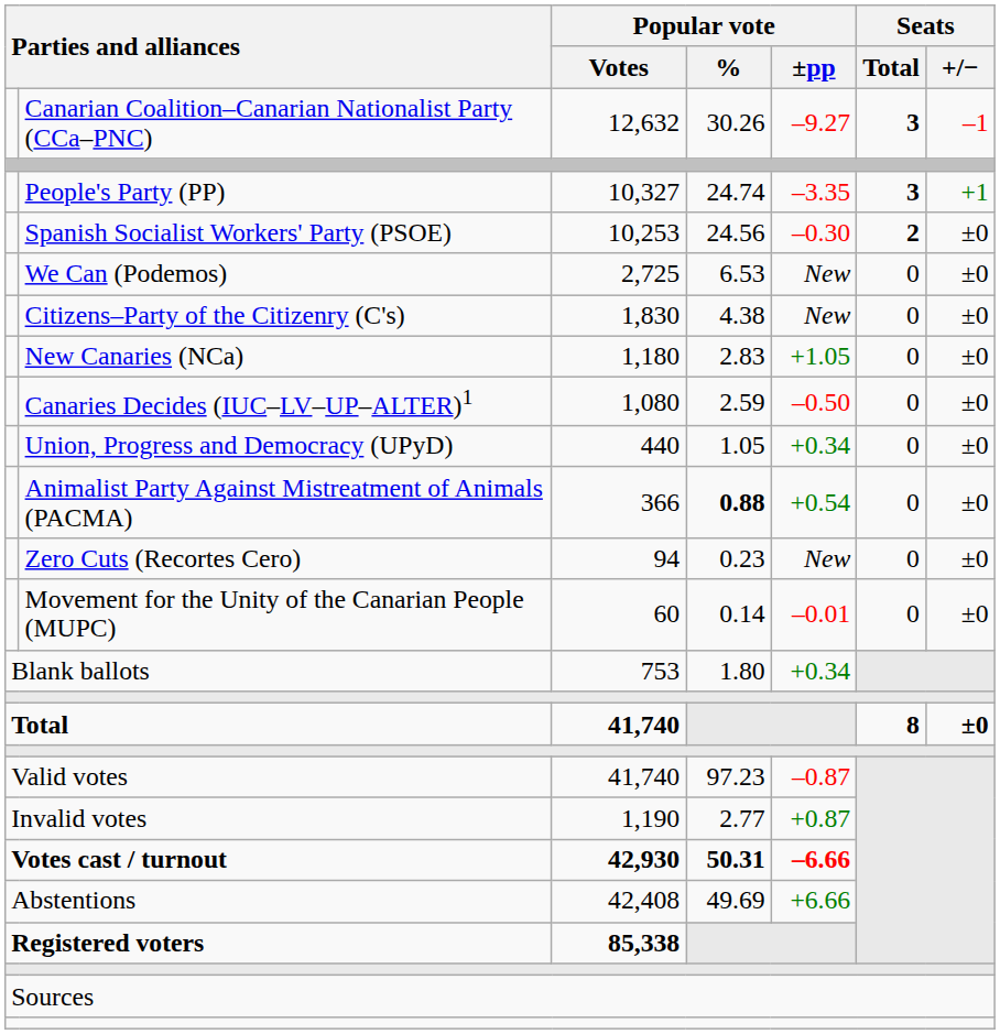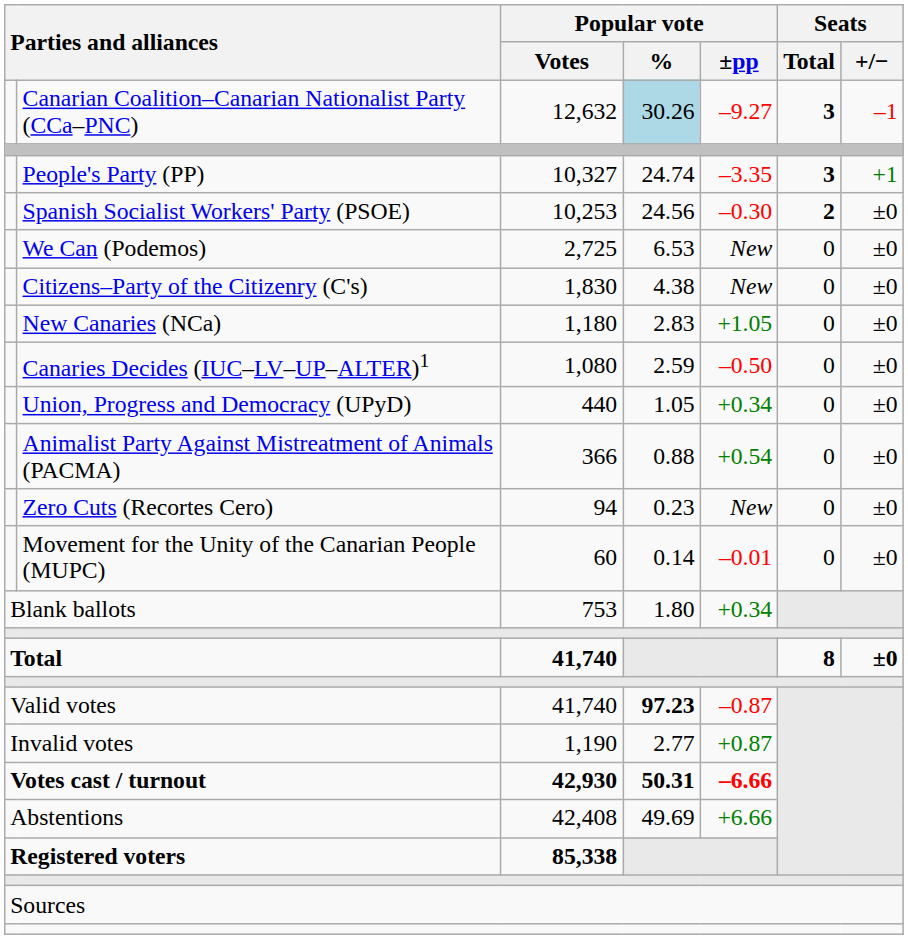 <table class="wikitable" style="text-align:right;">
 <tr>
 <th style="text-align:left;" rowspan="2" colspan="2" width="525">Parties and alliances</th>
 <th colspan="3">Popular vote</th>
 <th colspan="2">Seats</th>
 </tr>
 <tr>
 <th width="75">Votes</th>
 <th width="45">%</th>
 <th width="45">±<a href='#'>pp</a></th>
 <th width="35">Total</th>
 <th width="35">+/−</th>
 </tr>
 <tr>
 <td width="1" style="color:inherit;background:"></td>
 <td align="left"><a href='#'>Canarian Coalition–Canarian Nationalist Party</a> (<a href='#'>CCa</a>–<a href='#'>PNC</a>)</td>
 <td>12,632</td>
-<td>30.26</td>
+<td style="background: lightblue;">30.26</td>
 <td style="color:red;">–9.27</td>
 <td><strong>3</strong></td>
 <td style="color:red;">–1</td>
 </tr>
 <tr>
 <td colspan="7" bgcolor="#C0C0C0"></td>
 </tr>
 <tr>
 <td style="color:inherit;background:"></td>
 <td align="left"><a href='#'>People's Party</a> (PP)</td>
 <td>10,327</td>
 <td>24.74</td>
 <td style="color:red;">–3.35</td>
 <td><strong>3</strong></td>
 <td style="color:green;">+1</td>
 </tr>
 <tr>
 <td style="color:inherit;background:"></td>
 <td align="left"><a href='#'>Spanish Socialist Workers' Party</a> (PSOE)</td>
 <td>10,253</td>
 <td>24.56</td>
 <td style="color:red;">–0.30</td>
 <td><strong>2</strong></td>
 <td>±0</td>
 </tr>
 <tr>
 <td style="color:inherit;background:"></td>
 <td align="left"><a href='#'>We Can</a> (Podemos)</td>
 <td>2,725</td>
 <td>6.53</td>
 <td><em>New</em></td>
 <td>0</td>
 <td>±0</td>
 </tr>
 <tr>
 <td style="color:inherit;background:"></td>
 <td align="left"><a href='#'>Citizens–Party of the Citizenry</a> (C's)</td>
 <td>1,830</td>
 <td>4.38</td>
 <td><em>New</em></td>
 <td>0</td>
 <td>±0</td>
 </tr>
 <tr>
 <td style="color:inherit;background:"></td>
 <td align="left"><a href='#'>New Canaries</a> (NCa)</td>
 <td>1,180</td>
 <td>2.83</td>
 <td style="color:green;">+1.05</td>
 <td>0</td>
 <td>±0</td>
 </tr>
 <tr>
 <td style="color:inherit;background:"></td>
 <td align="left"><a href='#'>Canaries Decides</a> (<a href='#'>IUC</a>–<a href='#'>LV</a>–<a href='#'>UP</a>–<a href='#'>ALTER</a>)<sup>1</sup></td>
 <td>1,080</td>
 <td>2.59</td>
 <td style="color:red;">–0.50</td>
 <td>0</td>
 <td>±0</td>
 </tr>
 <tr>
 <td style="color:inherit;background:"></td>
 <td align="left"><a href='#'>Union, Progress and Democracy</a> (UPyD)</td>
 <td>440</td>
 <td>1.05</td>
 <td style="color:green;">+0.34</td>
 <td>0</td>
 <td>±0</td>
 </tr>
 <tr>
 <td style="color:inherit;background:"></td>
 <td align="left"><a href='#'>Animalist Party Against Mistreatment of Animals</a> (PACMA)</td>
 <td>366</td>
-<td><strong>0.88</strong></td>
+<td>0.88</td>
 <td style="color:green;">+0.54</td>
 <td>0</td>
 <td>±0</td>
 </tr>
 <tr>
 <td style="color:inherit;background:"></td>
 <td align="left"><a href='#'>Zero Cuts</a> (Recortes Cero)</td>
 <td>94</td>
 <td>0.23</td>
 <td><em>New</em></td>
 <td>0</td>
 <td>±0</td>
 </tr>
 <tr>
 <td style="color:inherit;background:"></td>
 <td align="left">Movement for the Unity of the Canarian People (MUPC)</td>
 <td>60</td>
 <td>0.14</td>
 <td style="color:red;">–0.01</td>
 <td>0</td>
 <td>±0</td>
 </tr>
 <tr>
 <td align="left" colspan="2">Blank ballots</td>
 <td>753</td>
 <td>1.80</td>
 <td style="color:green;">+0.34</td>
 <td bgcolor="#E9E9E9" colspan="2"></td>
 </tr>
 <tr>
 <td colspan="7" bgcolor="#E9E9E9"></td>
 </tr>
 <tr style="font-weight:bold;">
 <td align="left" colspan="2">Total</td>
 <td>41,740</td>
 <td bgcolor="#E9E9E9" colspan="2"></td>
 <td>8</td>
 <td>±0</td>
 </tr>
 <tr>
 <td colspan="7" bgcolor="#E9E9E9"></td>
 </tr>
 <tr>
 <td align="left" colspan="2">Valid votes</td>
 <td>41,740</td>
-<td>97.23</td>
+<td><strong>97.23</strong></td>
 <td style="color:red;">–0.87</td>
 <td bgcolor="#E9E9E9" colspan="2" rowspan="5"></td>
 </tr>
 <tr>
 <td align="left" colspan="2">Invalid votes</td>
 <td>1,190</td>
 <td>2.77</td>
 <td style="color:green;">+0.87</td>
 </tr>
 <tr style="font-weight:bold;">
 <td align="left" colspan="2">Votes cast / turnout</td>
 <td>42,930</td>
 <td>50.31</td>
 <td style="color:red;">–6.66</td>
 </tr>
 <tr>
 <td align="left" colspan="2">Abstentions</td>
 <td>42,408</td>
 <td>49.69</td>
 <td style="color:green;">+6.66</td>
 </tr>
 <tr style="font-weight:bold;">
 <td align="left" colspan="2">Registered voters</td>
 <td>85,338</td>
 <td bgcolor="#E9E9E9" colspan="2"></td>
 </tr>
 <tr>
 <td colspan="7" bgcolor="#E9E9E9"></td>
 </tr>
 <tr>
 <td align="left" colspan="7">Sources</td>
 </tr>
 <tr>
 <td colspan="7" style="text-align:left; max-width:790px;"></td>
 </tr>
 </table>
